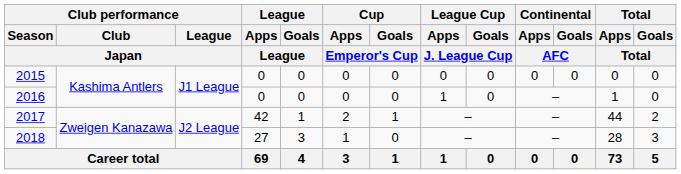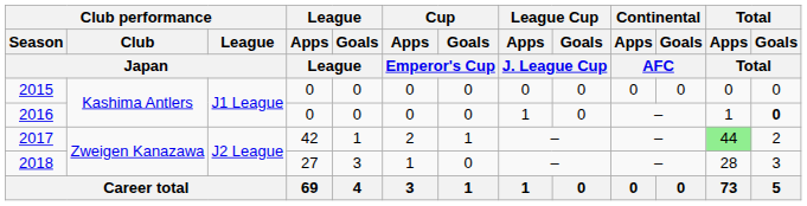 <table class="wikitable" style="text-align:center">
 <tr>
 <th colspan=3>Club performance</th>
 <th colspan=2>League</th>
 <th colspan=2>Cup</th>
 <th colspan=2>League Cup</th>
 <th colspan=2>Continental</th>
 <th colspan=2>Total</th>
 </tr>
 <tr>
 <th>Season</th>
 <th>Club</th>
 <th>League</th>
 <th>Apps</th>
 <th>Goals</th>
 <th>Apps</th>
 <th>Goals</th>
 <th>Apps</th>
 <th>Goals</th>
 <th>Apps</th>
 <th>Goals</th>
 <th>Apps</th>
 <th>Goals</th>
 </tr>
 <tr>
 <th colspan=3>Japan</th>
 <th colspan=2>League</th>
 <th colspan=2><a href='#'>Emperor's Cup</a></th>
 <th colspan=2><a href='#'>J. League Cup</a></th>
 <th colspan=2><a href='#'>AFC</a></th>
 <th colspan=2>Total</th>
 </tr>
 <tr>
 <td><a href='#'>2015</a></td>
 <td rowspan="2"><a href='#'>Kashima Antlers</a></td>
 <td rowspan="2"><a href='#'>J1 League</a></td>
 <td>0</td>
 <td>0</td>
 <td>0</td>
 <td>0</td>
 <td>0</td>
 <td>0</td>
 <td>0</td>
 <td>0</td>
 <td>0</td>
 <td>0</td>
 </tr>
 <tr>
 <td><a href='#'>2016</a></td>
 <td>0</td>
 <td>0</td>
 <td>0</td>
 <td>0</td>
 <td>1</td>
 <td>0</td>
 <td colspan="2">–</td>
 <td>1</td>
-<td>0</td>
+<td><strong>0</strong></td>
 </tr>
 <tr>
 <td><a href='#'>2017</a></td>
 <td rowspan="2"><a href='#'>Zweigen Kanazawa</a></td>
 <td rowspan="2"><a href='#'>J2 League</a></td>
 <td>42</td>
 <td>1</td>
 <td>2</td>
 <td>1</td>
 <td colspan="2">–</td>
 <td colspan="2">–</td>
-<td>44</td>
+<td style="background: lightgreen;">44</td>
 <td>2</td>
 </tr>
 <tr>
 <td><a href='#'>2018</a></td>
 <td>27</td>
 <td>3</td>
 <td>1</td>
 <td>0</td>
 <td colspan="2">–</td>
 <td colspan="2">–</td>
 <td>28</td>
 <td>3</td>
 </tr>
 <tr>
 <th colspan=3>Career total</th>
 <th>69</th>
 <th>4</th>
 <th>3</th>
 <th>1</th>
 <th>1</th>
 <th>0</th>
 <th>0</th>
 <th>0</th>
 <th>73</th>
 <th>5</th>
 </tr>
 </table>
